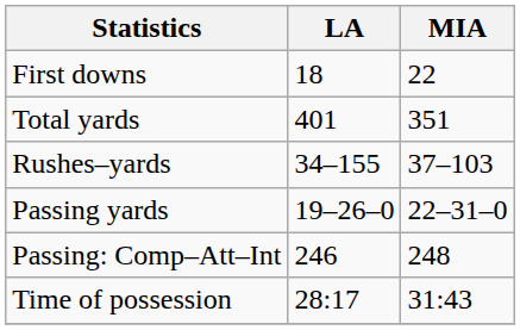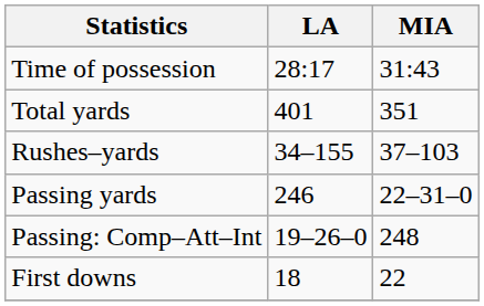 <table class="wikitable" style="float: left;">
 <tr>
 <th>Statistics</th>
 <th>LA</th>
 <th>MIA</th>
 </tr>
 <tr>
-<td>First downs</td>
-<td>18</td>
-<td>22</td>
+<td>Time of possession</td>
+<td>28:17</td>
+<td>31:43</td>
 </tr>
 <tr>
 <td>Total yards</td>
 <td>401</td>
 <td>351</td>
 </tr>
 <tr>
 <td>Rushes–yards</td>
 <td>34–155</td>
 <td>37–103</td>
 </tr>
 <tr>
 <td>Passing yards</td>
-<td>19–26–0</td>
+<td>246</td>
 <td>22–31–0</td>
 </tr>
 <tr>
 <td>Passing: Comp–Att–Int</td>
-<td>246</td>
+<td>19–26–0</td>
 <td>248</td>
 </tr>
 <tr>
-<td>Time of possession</td>
-<td>28:17</td>
-<td>31:43</td>
+<td>First downs</td>
+<td>18</td>
+<td>22</td>
 </tr>
 <tr>
 </tr>
 </table>
